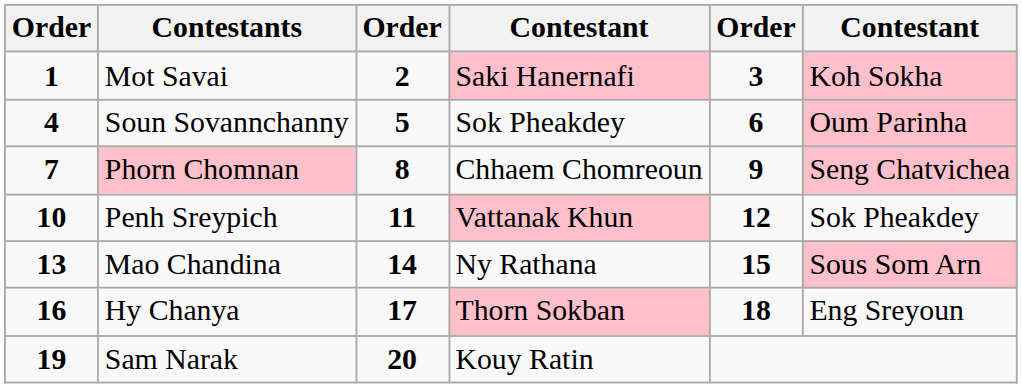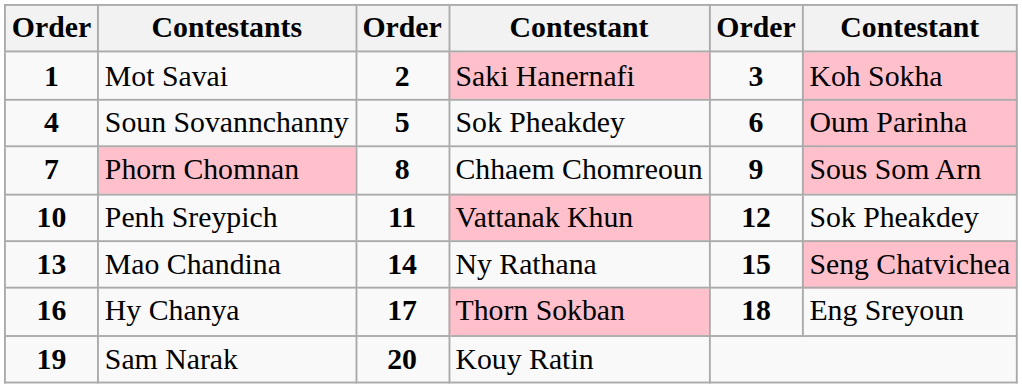 <table class="wikitable">
 <tr>
 <th>Order</th>
 <th>Contestants</th>
 <th>Order</th>
 <th>Contestant</th>
 <th>Order</th>
 <th>Contestant</th>
 </tr>
 <tr>
 <td align="center"><strong>1</strong></td>
 <td>Mot Savai</td>
 <td align="center"><strong>2</strong></td>
 <td style="background:pink">Saki Hanernafi</td>
 <td align="center"><strong>3</strong></td>
 <td style="background:pink">Koh Sokha</td>
 </tr>
 <tr>
 <td align="center"><strong>4</strong></td>
 <td>Soun Sovannchanny</td>
 <td align="center"><strong>5</strong></td>
 <td>Sok Pheakdey</td>
 <td align="center"><strong>6</strong></td>
 <td style="background:pink">Oum Parinha</td>
 </tr>
 <tr>
 <td align="center"><strong>7</strong></td>
 <td style="background:pink">Phorn Chomnan</td>
 <td align="center"><strong>8</strong></td>
 <td>Chhaem Chomreoun</td>
 <td align="center"><strong>9</strong></td>
-<td style="background:pink">Seng Chatvichea</td>
+<td style="background:pink">Sous Som Arn</td>
 </tr>
 <tr>
 <td align="center"><strong>10</strong></td>
 <td>Penh Sreypich</td>
 <td align="center"><strong>11</strong></td>
 <td style="background:pink">Vattanak Khun</td>
 <td align="center"><strong>12</strong></td>
 <td>Sok Pheakdey</td>
 </tr>
 <tr>
 <td align="center"><strong>13</strong></td>
 <td>Mao Chandina</td>
 <td align="center"><strong>14</strong></td>
 <td>Ny Rathana</td>
 <td align="center"><strong>15</strong></td>
-<td style="background:pink">Sous Som Arn</td>
+<td style="background:pink">Seng Chatvichea</td>
 </tr>
 <tr>
 <td align="center"><strong>16</strong></td>
 <td>Hy Chanya</td>
 <td align="center"><strong>17</strong></td>
 <td style="background:pink">Thorn Sokban</td>
 <td align="center"><strong>18</strong></td>
 <td>Eng Sreyoun</td>
 </tr>
 <tr>
 <td align="center"><strong>19</strong></td>
 <td>Sam Narak</td>
 <td align="center"><strong>20</strong></td>
 <td>Kouy Ratin</td>
 </tr>
 </table>
